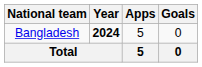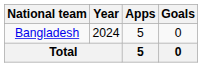 <table class="wikitable" style="text-align: center;">
 <tr>
 <th>National team</th>
 <th>Year</th>
 <th>Apps</th>
 <th>Goals</th>
 </tr>
 <tr>
 <td><a href='#'>Bangladesh</a></td>
-<td><strong>2024</strong></td>
+<td>2024</td>
 <td>5</td>
 <td>0</td>
 </tr>
 <tr>
 <th colspan="2">Total</th>
 <th>5</th>
 <th>0</th>
 </tr>
 </table>
